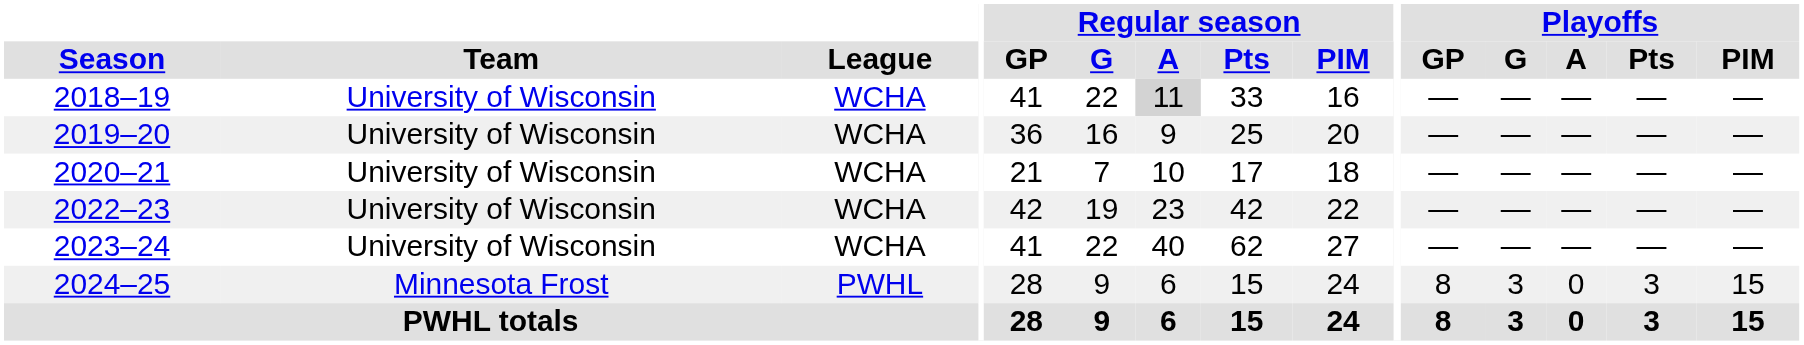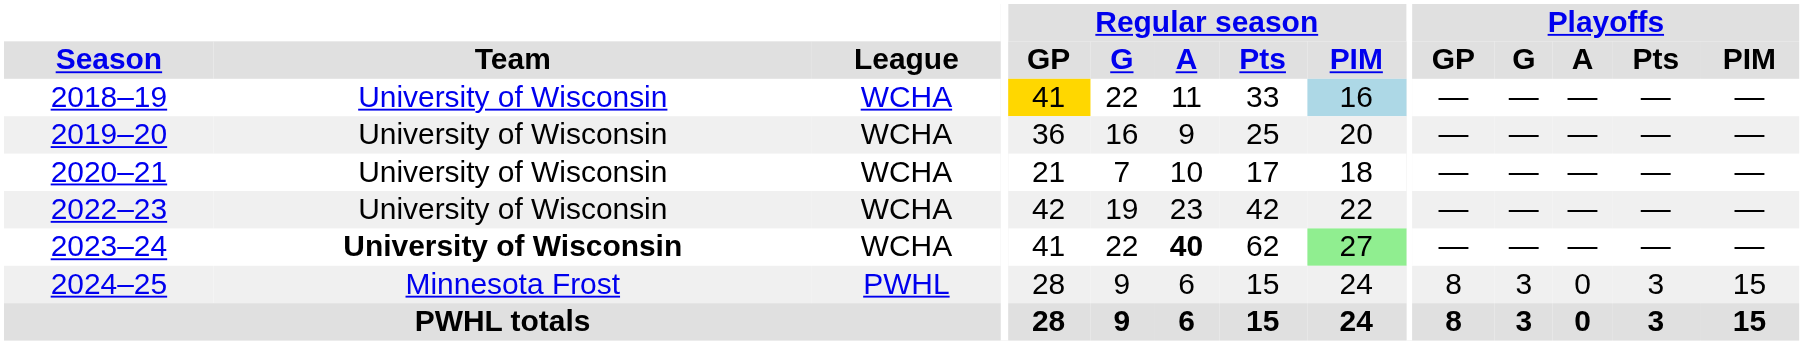 <table border="0" cellpadding="1" cellspacing="0" style="text-align:center; width:60em">
 <tr bgcolor="#e0e0e0">
 <th colspan="3" bgcolor="#ffffff"></th>
 <th rowspan="97" bgcolor="#ffffff"></th>
 <th colspan="5"><a href='#'>Regular season</a></th>
 <th rowspan="97" bgcolor="#ffffff"></th>
 <th colspan="5"><a href='#'>Playoffs</a></th>
 </tr>
 <tr bgcolor="#e0e0e0">
 <th><a href='#'>Season</a></th>
 <th>Team</th>
 <th>League</th>
 <th>GP</th>
 <th><a href='#'>G</a></th>
 <th><a href='#'>A</a></th>
 <th><a href='#'>Pts</a></th>
 <th><a href='#'>PIM</a></th>
 <th>GP</th>
 <th>G</th>
 <th>A</th>
 <th>Pts</th>
 <th>PIM</th>
 </tr>
 <tr>
 <td><a href='#'>2018–19</a></td>
 <td><a href='#'>University of Wisconsin</a></td>
 <td><a href='#'>WCHA</a></td>
-<td>41</td>
+<td style="background: gold;">41</td>
 <td>22</td>
-<td style="background: lightgrey;">11</td>
+<td>11</td>
 <td>33</td>
-<td>16</td>
+<td style="background: lightblue;">16</td>
 <td>—</td>
 <td>—</td>
 <td>—</td>
 <td>—</td>
 <td>—</td>
 </tr>
 <tr bgcolor="#f0f0f0">
 <td><a href='#'>2019–20</a></td>
 <td>University of Wisconsin</td>
 <td>WCHA</td>
 <td>36</td>
 <td>16</td>
 <td>9</td>
 <td>25</td>
 <td>20</td>
 <td>—</td>
 <td>—</td>
 <td>—</td>
 <td>—</td>
 <td>—</td>
 </tr>
 <tr>
 <td><a href='#'>2020–21</a></td>
 <td>University of Wisconsin</td>
 <td>WCHA</td>
 <td>21</td>
 <td>7</td>
 <td>10</td>
 <td>17</td>
 <td>18</td>
 <td>—</td>
 <td>—</td>
 <td>—</td>
 <td>—</td>
 <td>—</td>
 </tr>
 <tr bgcolor="#f0f0f0">
 <td><a href='#'>2022–23</a></td>
 <td>University of Wisconsin</td>
 <td>WCHA</td>
 <td>42</td>
 <td>19</td>
 <td>23</td>
 <td>42</td>
 <td>22</td>
 <td>—</td>
 <td>—</td>
 <td>—</td>
 <td>—</td>
 <td>—</td>
 </tr>
 <tr>
 <td><a href='#'>2023–24</a></td>
-<td>University of Wisconsin</td>
+<td><strong>University of Wisconsin</strong></td>
 <td>WCHA</td>
 <td>41</td>
 <td>22</td>
-<td>40</td>
+<td><strong>40</strong></td>
 <td>62</td>
-<td>27</td>
+<td style="background: lightgreen;">27</td>
 <td>—</td>
 <td>—</td>
 <td>—</td>
 <td>—</td>
 <td>—</td>
 </tr>
 <tr bgcolor="#f0f0f0">
 <td><a href='#'>2024–25</a></td>
 <td><a href='#'>Minnesota Frost</a></td>
 <td><a href='#'>PWHL</a></td>
 <td>28</td>
 <td>9</td>
 <td>6</td>
 <td>15</td>
 <td>24</td>
 <td>8</td>
 <td>3</td>
 <td>0</td>
 <td>3</td>
 <td>15</td>
 </tr>
 <tr bgcolor="#e0e0e0">
 <th colspan="3">PWHL totals</th>
 <th>28</th>
 <th>9</th>
 <th>6</th>
 <th>15</th>
 <th>24</th>
 <th>8</th>
 <th>3</th>
 <th>0</th>
 <th>3</th>
 <th>15</th>
 </tr>
 </table>
